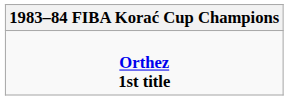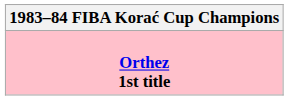 <table class=wikitable style="text-align:center; margin:auto">
 <tr>
 <th>1983–84 FIBA Korać Cup Champions</th>
 </tr>
 <tr>
-<td><br> <strong><a href='#'>Orthez</a></strong> <br> <strong>1st title</strong></td>
+<td style="background: pink;"><br> <strong><a href='#'>Orthez</a></strong> <br> <strong>1st title</strong></td>
 </tr>
 </table>
